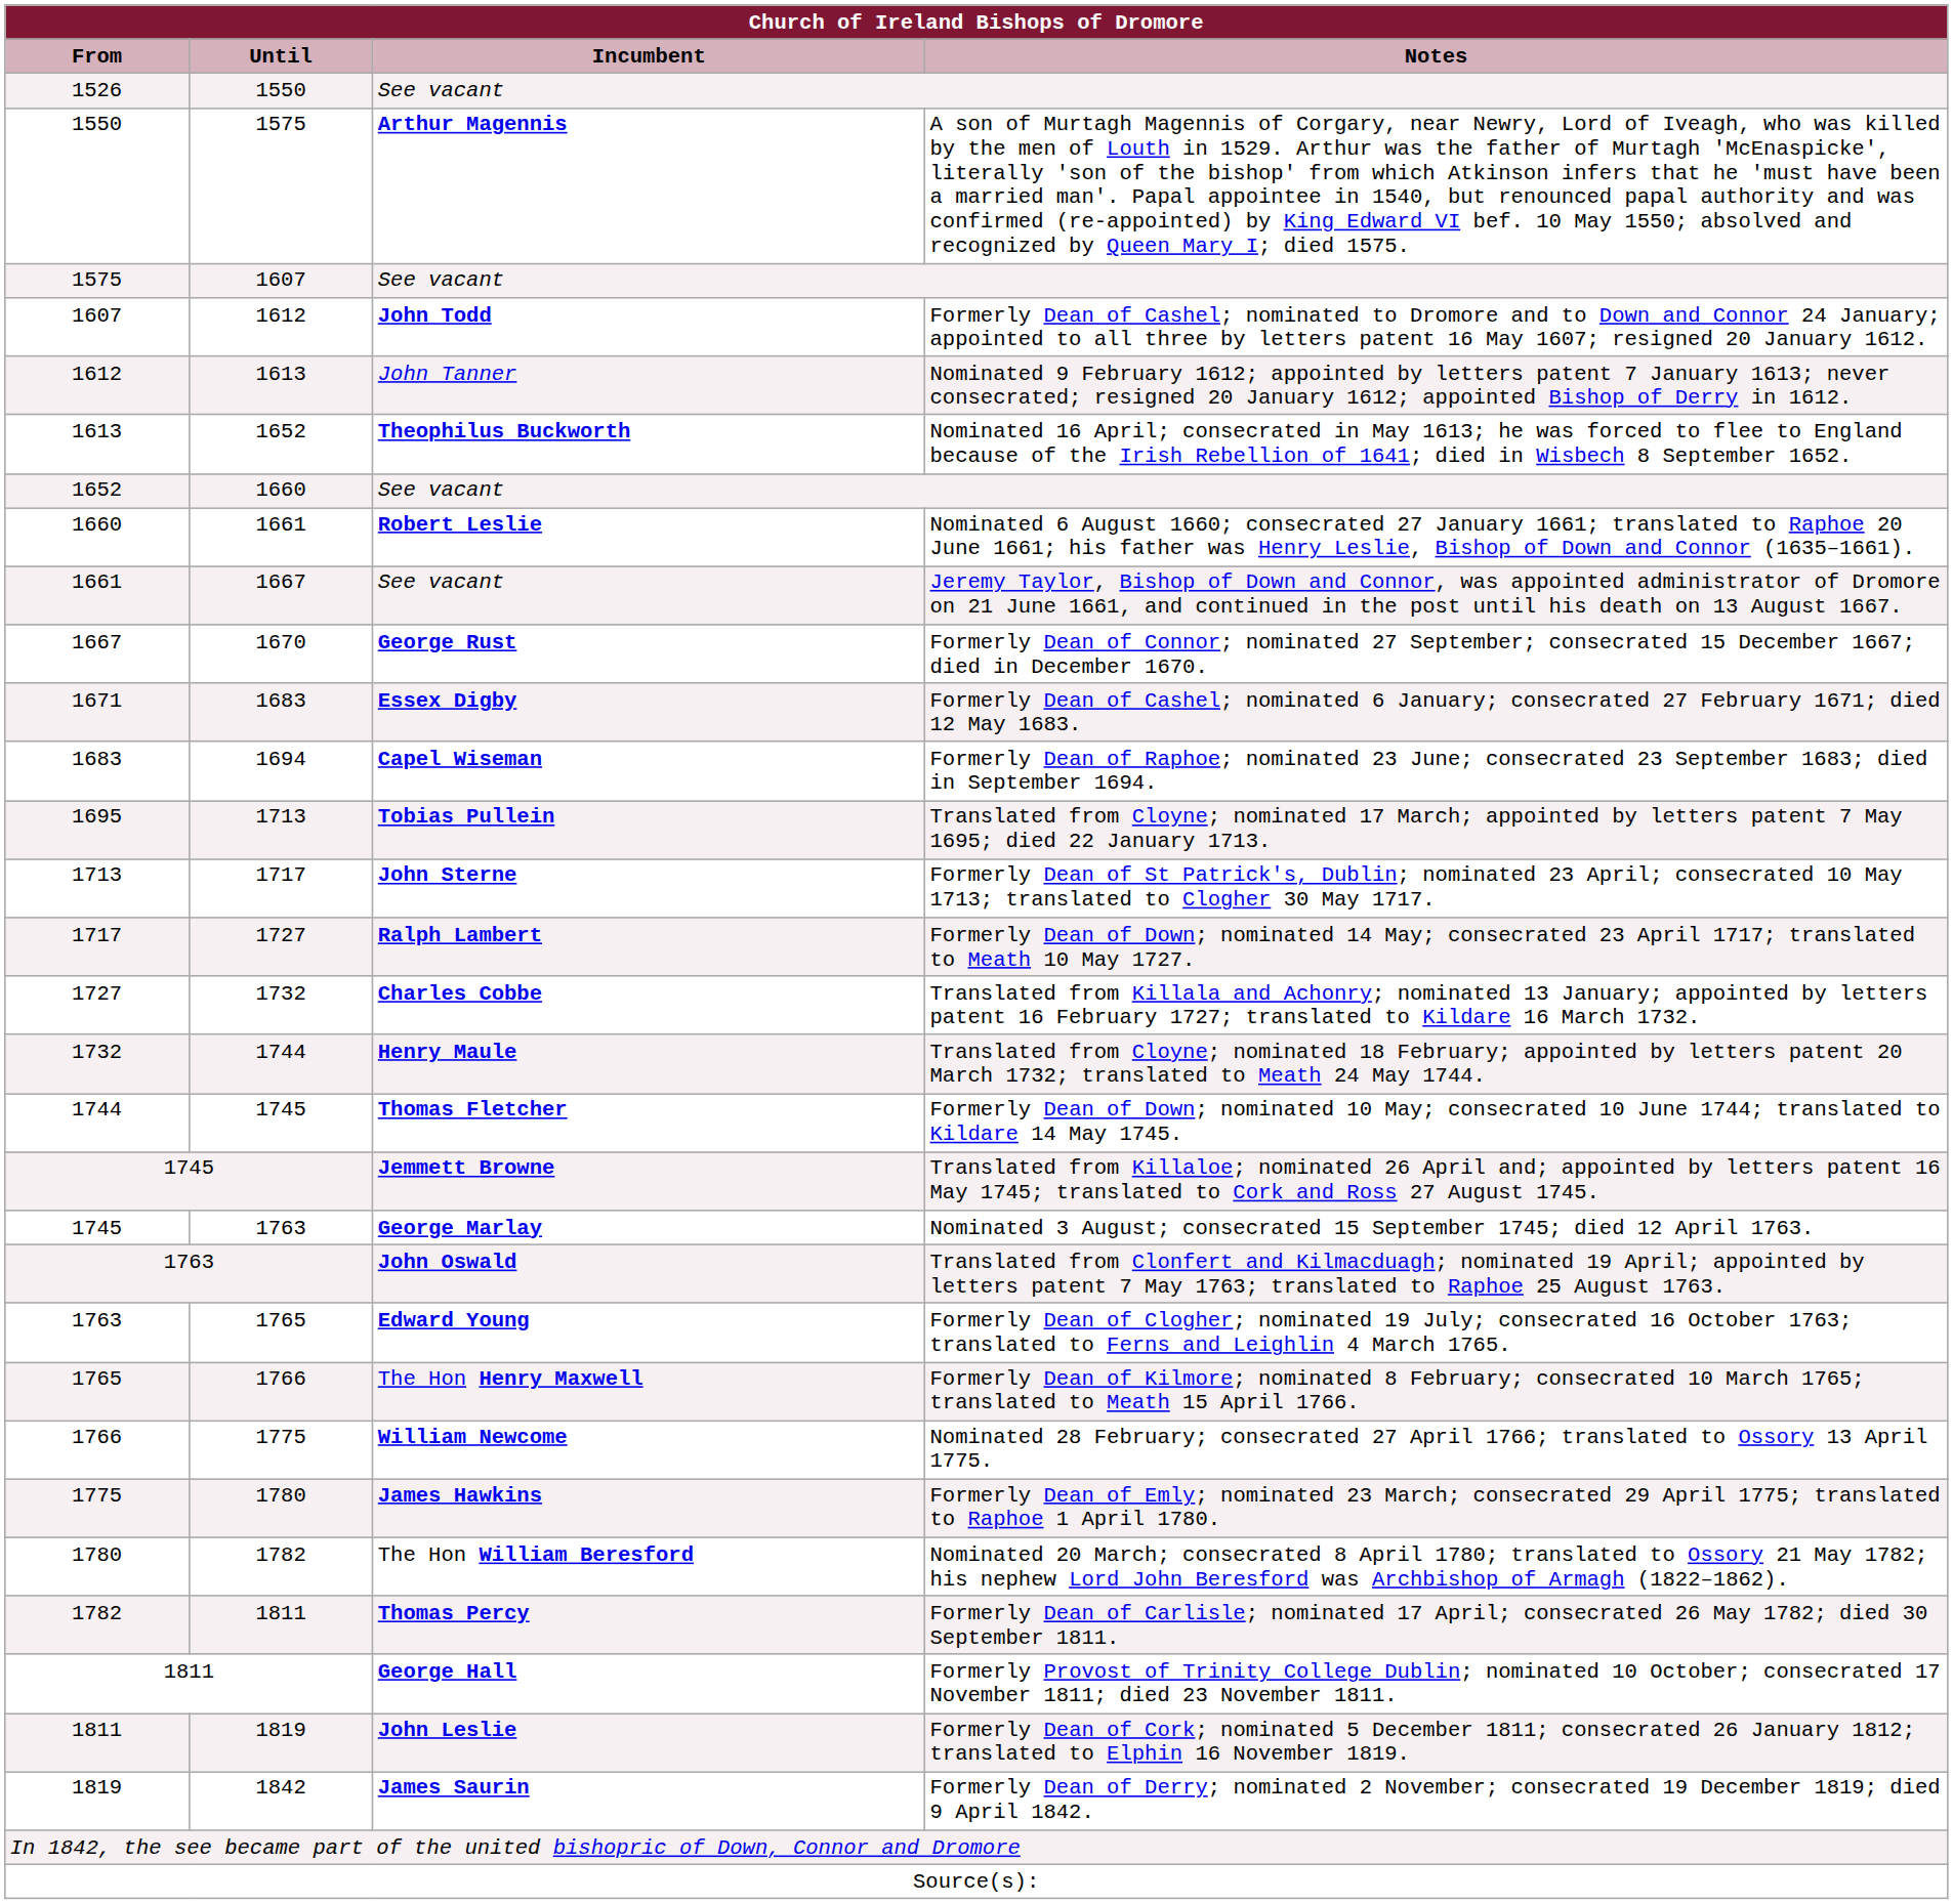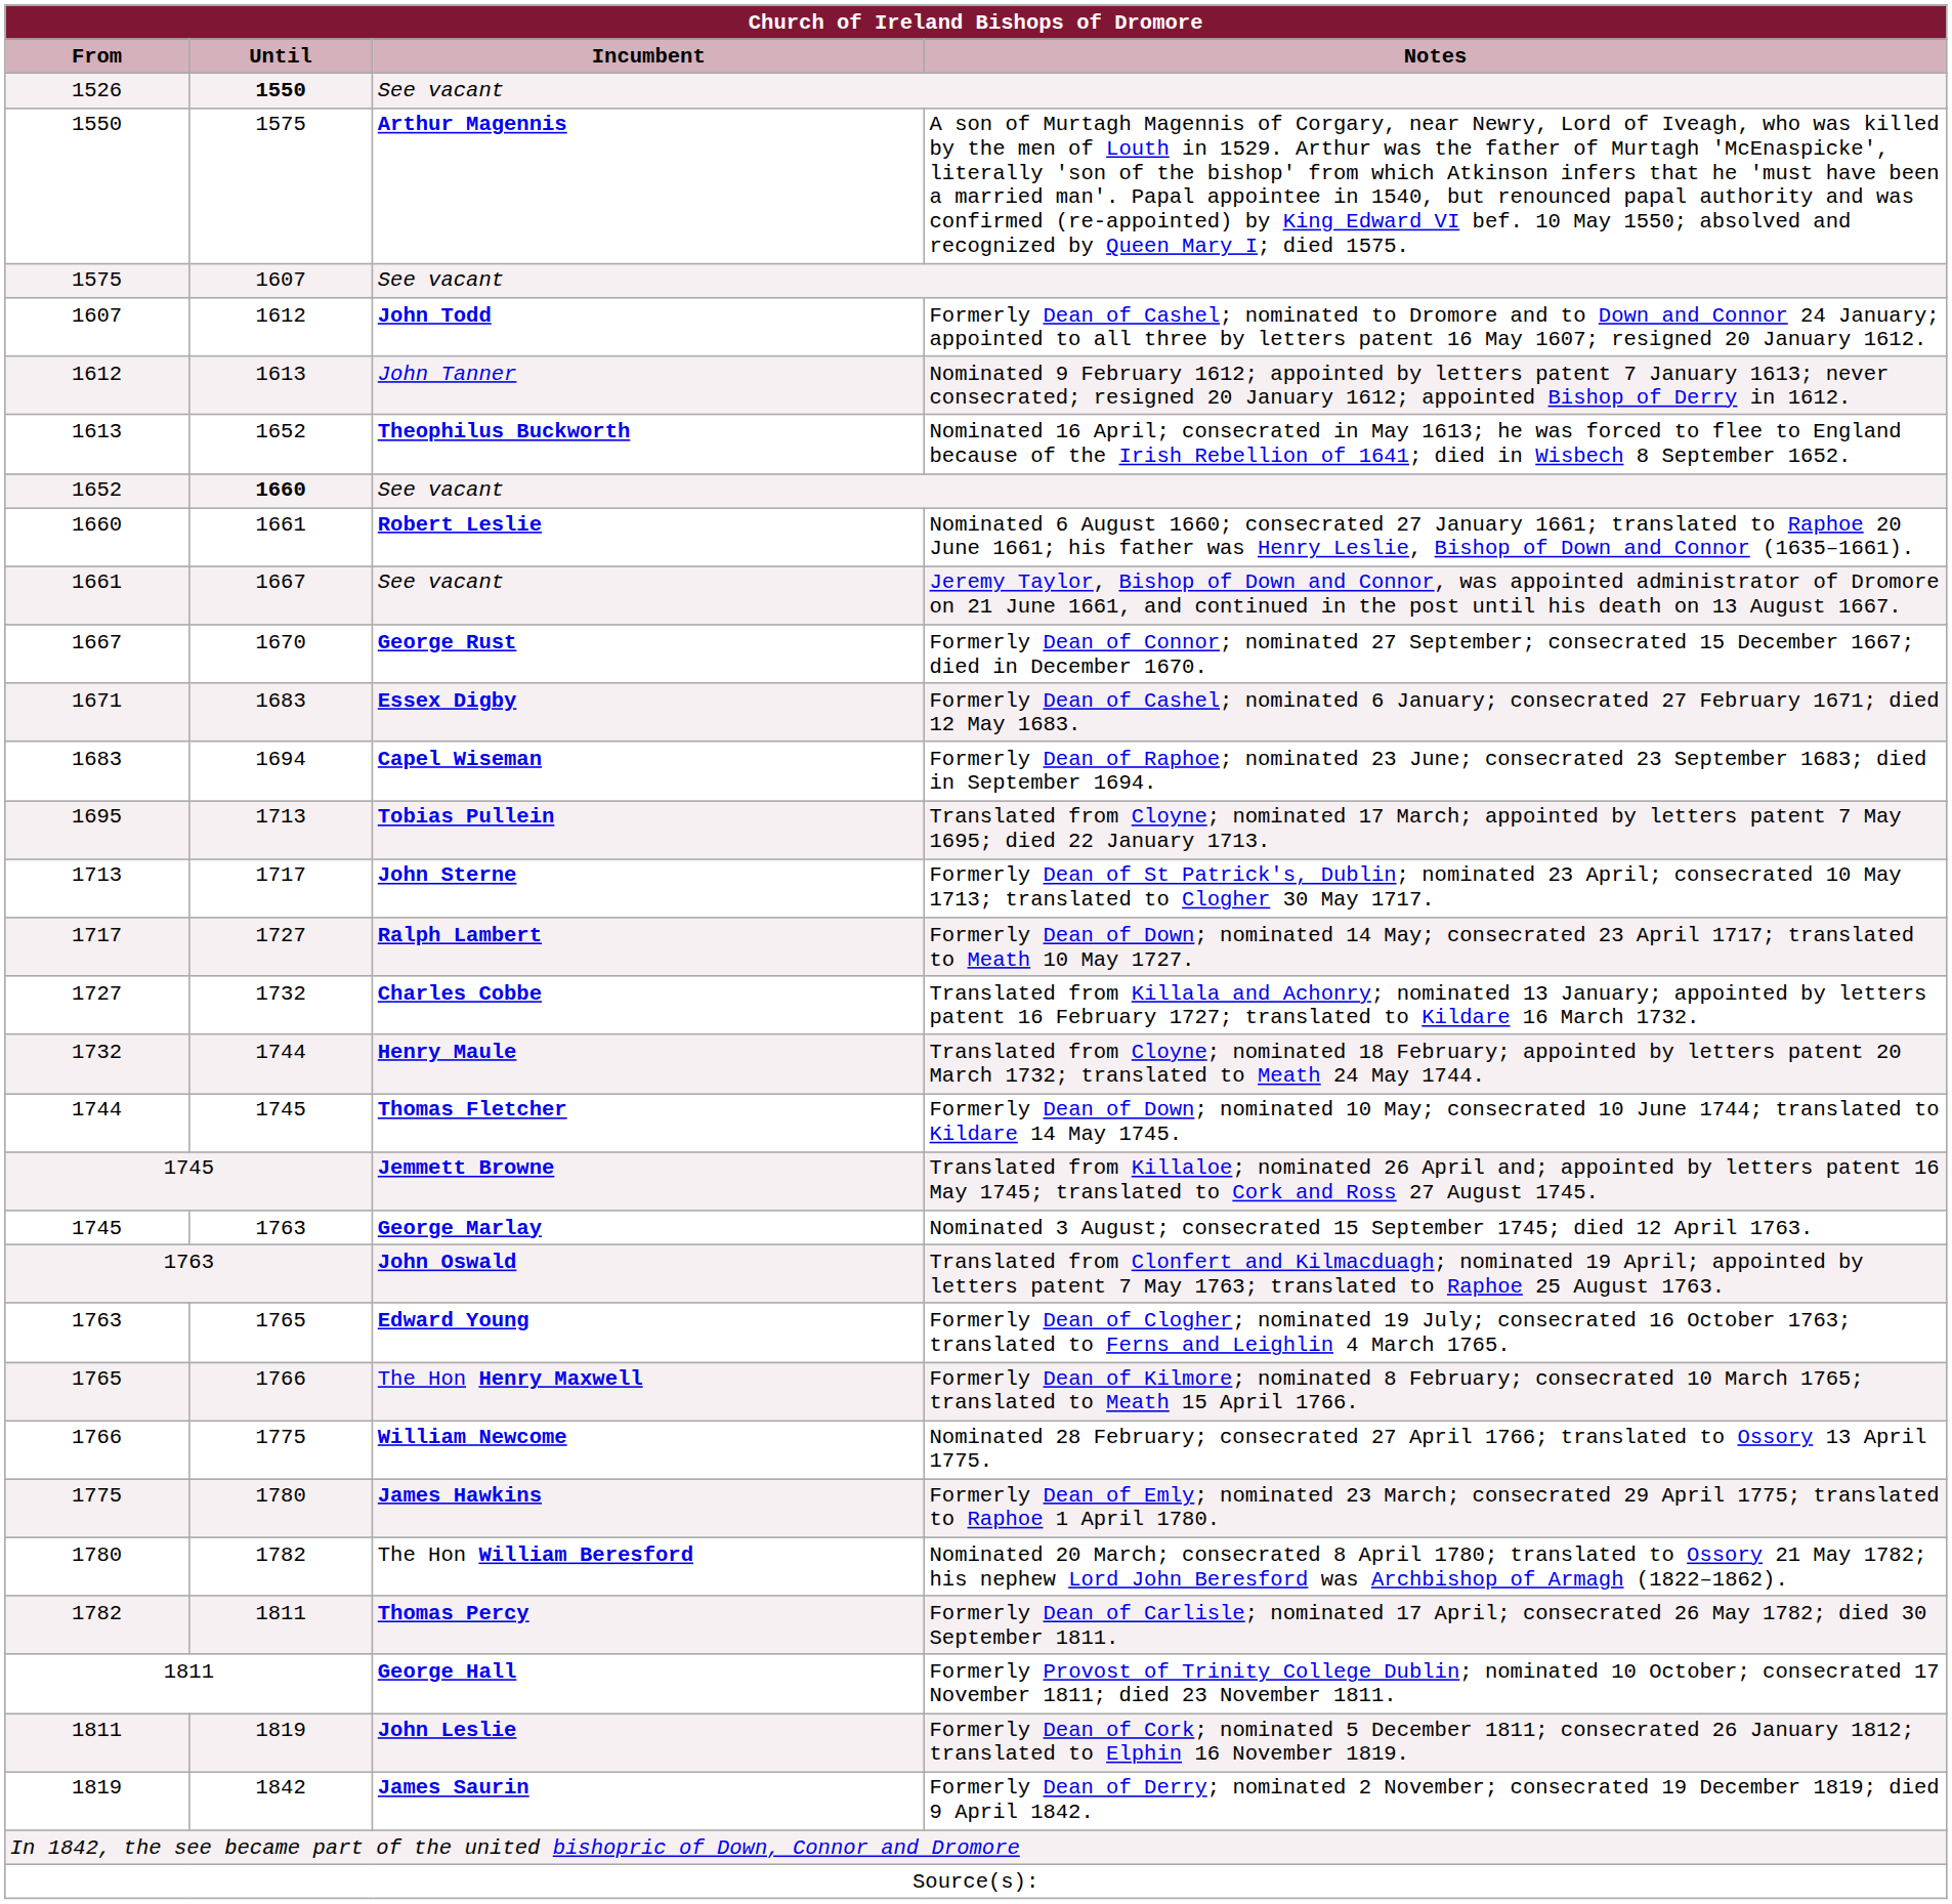 <table class="wikitable" style="width:95%;" border="1" cellpadding="2">
 <tr>
 <th colspan="4" style="background-color: #7F1734; color: white;">Church of Ireland Bishops of Dromore</th>
 </tr>
 <tr>
 <th style="background-color: #D4B1BB; width: 9%;">From</th>
 <th style="background-color: #D4B1BB; width: 9%;">Until</th>
 <th style="background-color: #D4B1BB; width: 27%;">Incumbent</th>
 <th style="background-color: #D4B1BB; width: 50%;">Notes</th>
 </tr>
 <tr valign="top" style="background-color: #F7F0F2;">
 <td style="text-align: center;">1526</td>
-<td style="text-align: center;">1550</td>
+<td style="text-align: center;"><strong>1550</strong></td>
 <td colspan="2"><em>See vacant</em></td>
 </tr>
 <tr valign="top" style="background-color: white;">
 <td style="text-align: center;">1550</td>
 <td style="text-align: center;"> 1575</td>
 <td><strong><a href='#'>Arthur Magennis</a></strong></td>
 <td>A son of Murtagh Magennis of Corgary, near Newry, Lord of Iveagh, who was killed by the men of <a href='#'>Louth</a> in 1529. Arthur was the father of Murtagh 'McEnaspicke', literally 'son of the bishop' from which Atkinson infers that he 'must have been a married man'. Papal appointee in 1540, but renounced papal authority and was confirmed (re-appointed) by <a href='#'>King Edward VI</a> bef. 10 May 1550; absolved and recognized by <a href='#'>Queen Mary I</a>; died  1575.</td>
 </tr>
 <tr valign="top" style="background-color: #F7F0F2;">
 <td style="text-align: center;"> 1575</td>
 <td style="text-align: center;">1607</td>
 <td colspan="2"><em>See vacant</em></td>
 </tr>
 <tr valign="top" style="background-color: white;">
 <td style="text-align: center;">1607</td>
 <td style="text-align: center;">1612</td>
 <td><strong><a href='#'>John Todd</a></strong></td>
 <td>Formerly <a href='#'>Dean of Cashel</a>; nominated to Dromore and to <a href='#'>Down and Connor</a> 24 January; appointed to all three by letters patent 16 May 1607; resigned 20 January 1612.</td>
 </tr>
 <tr valign="top" style="background-color: #F7F0F2;">
 <td style="text-align: center;">1612</td>
 <td style="text-align: center;">1613</td>
 <td><em><a href='#'>John Tanner</a></em></td>
 <td>Nominated 9 February 1612; appointed by letters patent 7 January 1613; never consecrated; resigned 20 January 1612; appointed <a href='#'>Bishop of Derry</a> in 1612.</td>
 </tr>
 <tr valign="top" style="background-color: white;">
 <td style="text-align: center;">1613</td>
 <td style="text-align: center;">1652</td>
 <td><strong><a href='#'>Theophilus Buckworth</a></strong></td>
 <td>Nominated 16 April; consecrated in May 1613; he was forced to flee to England because of the <a href='#'>Irish Rebellion of 1641</a>; died in <a href='#'>Wisbech</a>  8 September 1652.</td>
 </tr>
 <tr valign="top" style="background-color: #F7F0F2;">
 <td style="text-align: center;">1652</td>
-<td style="text-align: center;">1660</td>
+<td style="text-align: center;"><strong>1660</strong></td>
 <td colspan="2"><em>See vacant</em></td>
 </tr>
 <tr valign="top" style="background-color: white;">
 <td style="text-align: center;">1660</td>
 <td style="text-align: center;">1661</td>
 <td><strong><a href='#'>Robert Leslie</a></strong></td>
 <td>Nominated 6 August 1660; consecrated 27 January 1661; translated to <a href='#'>Raphoe</a> 20 June 1661; his father was <a href='#'>Henry Leslie</a>, <a href='#'>Bishop of Down and Connor</a> (1635–1661).</td>
 </tr>
 <tr valign="top" style="background-color: #F7F0F2;">
 <td style="text-align: center;">1661</td>
 <td style="text-align: center;">1667</td>
 <td><em>See vacant</em></td>
 <td><a href='#'>Jeremy Taylor</a>, <a href='#'>Bishop of Down and Connor</a>, was appointed administrator of Dromore on 21 June 1661, and continued in the post until his death on 13 August 1667.</td>
 </tr>
 <tr valign="top" style="background-color: white;">
 <td style="text-align: center;">1667</td>
 <td style="text-align: center;">1670</td>
 <td><strong><a href='#'>George Rust</a></strong></td>
 <td>Formerly <a href='#'>Dean of Connor</a>; nominated 27 September; consecrated 15 December 1667; died in December 1670.</td>
 </tr>
 <tr valign="top" style="background-color: #F7F0F2;">
 <td style="text-align: center;">1671</td>
 <td style="text-align: center;">1683</td>
 <td><strong><a href='#'>Essex Digby</a></strong></td>
 <td>Formerly <a href='#'>Dean of Cashel</a>; nominated 6 January; consecrated 27 February 1671; died 12 May 1683.</td>
 </tr>
 <tr valign="top" style="background-color: white;">
 <td style="text-align: center;">1683</td>
 <td style="text-align: center;">1694</td>
 <td><strong><a href='#'>Capel Wiseman</a></strong></td>
 <td>Formerly <a href='#'>Dean of Raphoe</a>; nominated 23 June; consecrated 23 September 1683; died in September 1694.</td>
 </tr>
 <tr valign="top" style="background-color: #F7F0F2;">
 <td style="text-align: center;">1695</td>
 <td style="text-align: center;">1713</td>
 <td><strong><a href='#'>Tobias Pullein</a></strong></td>
 <td>Translated from <a href='#'>Cloyne</a>; nominated 17 March; appointed by letters patent 7 May 1695; died 22 January 1713.</td>
 </tr>
 <tr valign="top" style="background-color: white;">
 <td style="text-align: center;">1713</td>
 <td style="text-align: center;">1717</td>
 <td><strong><a href='#'>John Sterne</a></strong></td>
 <td>Formerly <a href='#'>Dean of St Patrick's, Dublin</a>; nominated 23 April; consecrated 10 May 1713; translated to <a href='#'>Clogher</a> 30 May 1717.</td>
 </tr>
 <tr valign="top" style="background-color: #F7F0F2;">
 <td style="text-align: center;">1717</td>
 <td style="text-align: center;">1727</td>
 <td><strong><a href='#'>Ralph Lambert</a></strong></td>
 <td>Formerly <a href='#'>Dean of Down</a>; nominated 14 May; consecrated 23 April 1717; translated to <a href='#'>Meath</a> 10 May 1727.</td>
 </tr>
 <tr valign="top" style="background-color: white;">
 <td style="text-align: center;">1727</td>
 <td style="text-align: center;">1732</td>
 <td><strong><a href='#'>Charles Cobbe</a></strong></td>
 <td>Translated from <a href='#'>Killala and Achonry</a>; nominated 13 January; appointed by letters patent 16 February 1727; translated to <a href='#'>Kildare</a> 16 March 1732.</td>
 </tr>
 <tr valign="top" style="background-color: #F7F0F2;">
 <td style="text-align: center;">1732</td>
 <td style="text-align: center;">1744</td>
 <td><strong><a href='#'>Henry Maule</a></strong></td>
 <td>Translated from <a href='#'>Cloyne</a>; nominated 18 February; appointed by letters patent 20 March 1732; translated to <a href='#'>Meath</a> 24 May 1744.</td>
 </tr>
 <tr valign="top" style="background-color: white;">
 <td style="text-align: center;">1744</td>
 <td style="text-align: center;">1745</td>
 <td><strong><a href='#'>Thomas Fletcher</a></strong></td>
 <td>Formerly <a href='#'>Dean of Down</a>; nominated 10 May; consecrated 10 June 1744; translated to <a href='#'>Kildare</a> 14 May 1745.</td>
 </tr>
 <tr valign="top" style="background-color: #F7F0F2;">
 <td style="text-align: center;" colspan="2">1745</td>
 <td><strong><a href='#'>Jemmett Browne</a></strong></td>
 <td>Translated from <a href='#'>Killaloe</a>; nominated 26 April and; appointed by letters patent 16 May 1745; translated to <a href='#'>Cork and Ross</a> 27 August 1745.</td>
 </tr>
 <tr valign="top" style="background-color: white;">
 <td style="text-align: center;">1745</td>
 <td style="text-align: center;">1763</td>
 <td><strong><a href='#'>George Marlay</a></strong></td>
 <td>Nominated 3 August; consecrated 15 September 1745; died 12 April 1763.</td>
 </tr>
 <tr valign="top" style="background-color: #F7F0F2;">
 <td style="text-align: center;" colspan="2">1763</td>
 <td><strong><a href='#'>John Oswald</a></strong></td>
 <td>Translated from <a href='#'>Clonfert and Kilmacduagh</a>; nominated 19 April; appointed by letters patent 7 May 1763; translated to <a href='#'>Raphoe</a> 25 August 1763.</td>
 </tr>
 <tr valign="top" style="background-color: white;">
 <td style="text-align: center;">1763</td>
 <td style="text-align: center;">1765</td>
 <td><strong><a href='#'>Edward Young</a></strong></td>
 <td>Formerly <a href='#'>Dean of Clogher</a>; nominated 19 July; consecrated 16 October 1763; translated to <a href='#'>Ferns and Leighlin</a> 4 March 1765.</td>
 </tr>
 <tr valign="top" style="background-color: #F7F0F2;">
 <td style="text-align: center;">1765</td>
 <td style="text-align: center;">1766</td>
 <td><a href='#'>The Hon</a> <strong><a href='#'>Henry Maxwell</a></strong></td>
 <td>Formerly <a href='#'>Dean of Kilmore</a>; nominated 8 February; consecrated 10 March 1765; translated to <a href='#'>Meath</a> 15 April 1766.</td>
 </tr>
 <tr valign="top" style="background-color: white;">
 <td style="text-align: center;">1766</td>
 <td style="text-align: center;">1775</td>
 <td><strong><a href='#'>William Newcome</a></strong></td>
 <td>Nominated 28 February; consecrated 27 April 1766; translated to <a href='#'>Ossory</a> 13 April 1775.</td>
 </tr>
 <tr valign="top" style="background-color: #F7F0F2;">
 <td style="text-align: center;">1775</td>
 <td style="text-align: center;">1780</td>
 <td><strong><a href='#'>James Hawkins</a></strong></td>
 <td>Formerly <a href='#'>Dean of Emly</a>; nominated 23 March; consecrated 29 April 1775; translated to <a href='#'>Raphoe</a> 1 April 1780.</td>
 </tr>
 <tr valign="top" style="background-color: white;">
 <td style="text-align: center;">1780</td>
 <td style="text-align: center;">1782</td>
 <td>The Hon <strong><a href='#'>William Beresford</a></strong></td>
 <td>Nominated 20 March; consecrated 8 April 1780; translated to <a href='#'>Ossory</a> 21 May 1782; his nephew <a href='#'>Lord John Beresford</a> was <a href='#'>Archbishop of Armagh</a> (1822–1862).</td>
 </tr>
 <tr valign="top" style="background-color: #F7F0F2;">
 <td style="text-align: center;">1782</td>
 <td style="text-align: center;">1811</td>
 <td><strong><a href='#'>Thomas Percy</a></strong></td>
 <td>Formerly <a href='#'>Dean of Carlisle</a>; nominated 17 April; consecrated 26 May 1782; died 30 September 1811.</td>
 </tr>
 <tr valign="top" style="background-color: white;">
 <td style="text-align: center;" colspan="2">1811</td>
 <td><strong><a href='#'>George Hall</a></strong></td>
 <td>Formerly <a href='#'>Provost of Trinity College Dublin</a>; nominated 10 October; consecrated 17 November 1811; died 23 November 1811.</td>
 </tr>
 <tr valign="top" style="background-color: #F7F0F2;">
 <td style="text-align: center;">1811</td>
 <td style="text-align: center;">1819</td>
 <td><strong><a href='#'>John Leslie</a></strong></td>
 <td>Formerly <a href='#'>Dean of Cork</a>; nominated 5 December 1811; consecrated 26 January 1812; translated to <a href='#'>Elphin</a> 16 November 1819.</td>
 </tr>
 <tr valign="top" style="background-color: white;">
 <td style="text-align: center;">1819</td>
 <td style="text-align: center;">1842</td>
 <td><strong><a href='#'>James Saurin</a></strong></td>
 <td>Formerly <a href='#'>Dean of Derry</a>; nominated 2 November; consecrated 19 December 1819; died 9 April 1842.</td>
 </tr>
 <tr valign="top" style="background-color: #F7F0F2;">
 <td colspan="4"><em>In 1842, the see became part of the united <a href='#'>bishopric of Down, Connor and Dromore</a></em></td>
 </tr>
 <tr valign="top" style="background-color: white;">
 <td colspan="4" style="text-align: center;">Source(s):</td>
 </tr>
 </table>
